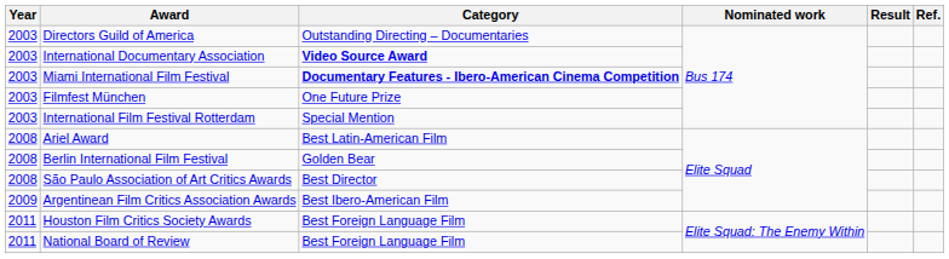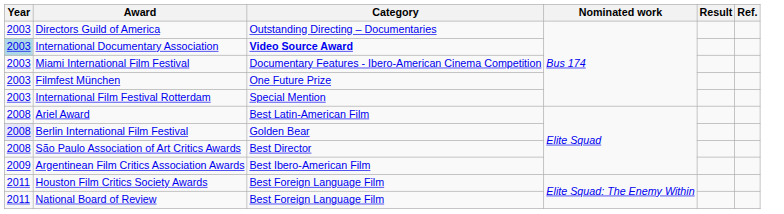 <table class="wikitable sortable">
 <tr>
 <th>Year</th>
 <th>Award</th>
 <th>Category</th>
 <th>Nominated work</th>
 <th>Result</th>
 <th>Ref.</th>
 </tr>
 <tr>
 <td><a href='#'>2003</a></td>
 <td><a href='#'>Directors Guild of America</a></td>
 <td><a href='#'>Outstanding Directing – Documentaries</a></td>
 <td rowspan=5><em><a href='#'>Bus 174</a></em></td>
 <td></td>
 <td></td>
 </tr>
 <tr>
-<td><a href='#'>2003</a></td>
+<td style="background: lightblue;"><a href='#'>2003</a></td>
 <td><a href='#'>International Documentary Association</a></td>
 <td><strong><a href='#'>Video Source Award</a></strong></td>
 <td></td>
 <td></td>
 </tr>
 <tr>
 <td><a href='#'>2003</a></td>
 <td><a href='#'>Miami International Film Festival</a></td>
-<td><strong><a href='#'>Documentary Features - Ibero-American Cinema Competition</a></strong></td>
+<td><a href='#'>Documentary Features - Ibero-American Cinema Competition</a></td>
 <td></td>
 <td></td>
 </tr>
 <tr>
 <td><a href='#'>2003</a></td>
 <td><a href='#'>Filmfest München</a></td>
 <td><a href='#'>One Future Prize</a></td>
 <td></td>
 <td></td>
 </tr>
 <tr>
 <td><a href='#'>2003</a></td>
 <td><a href='#'>International Film Festival Rotterdam</a></td>
 <td><a href='#'>Special Mention</a></td>
 <td></td>
 <td></td>
 </tr>
 <tr>
 <td><a href='#'>2008</a></td>
 <td><a href='#'>Ariel Award</a></td>
 <td><a href='#'>Best Latin-American Film</a></td>
 <td rowspan=4><em><a href='#'>Elite Squad</a></em></td>
 <td></td>
 <td></td>
 </tr>
 <tr>
-<td><a href='#'>2008</a></td>
+<td style="background: lavender;"><a href='#'>2008</a></td>
 <td><a href='#'>Berlin International Film Festival</a></td>
 <td><a href='#'>Golden Bear</a></td>
 <td></td>
 <td></td>
 </tr>
 <tr>
 <td><a href='#'>2008</a></td>
 <td><a href='#'>São Paulo Association of Art Critics Awards</a></td>
 <td><a href='#'>Best Director</a></td>
 <td></td>
 <td></td>
 </tr>
 <tr>
 <td><a href='#'>2009</a></td>
 <td><a href='#'>Argentinean Film Critics Association Awards</a></td>
 <td><a href='#'>Best Ibero-American Film</a></td>
 <td></td>
 <td></td>
 </tr>
 <tr>
 <td><a href='#'>2011</a></td>
 <td><a href='#'>Houston Film Critics Society Awards</a></td>
 <td><a href='#'>Best Foreign Language Film</a></td>
 <td rowspan=2><em><a href='#'>Elite Squad: The Enemy Within</a></em></td>
 <td></td>
 <td></td>
 </tr>
 <tr>
 <td><a href='#'>2011</a></td>
 <td><a href='#'>National Board of Review</a></td>
 <td><a href='#'>Best Foreign Language Film</a></td>
 <td></td>
 <td></td>
 </tr>
 </table>
